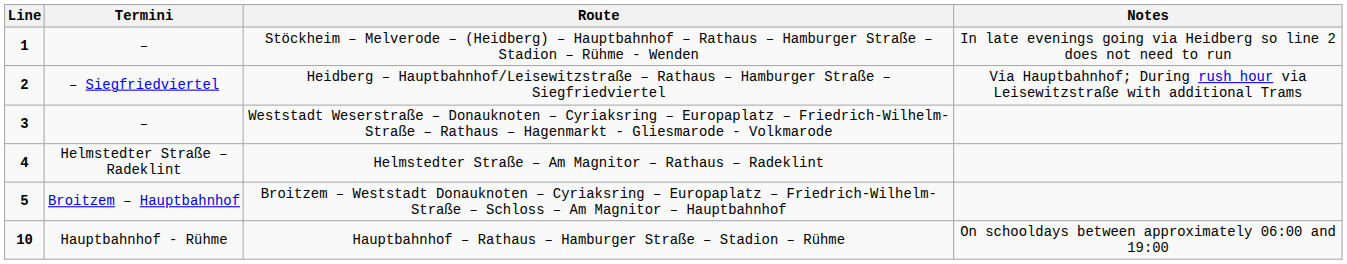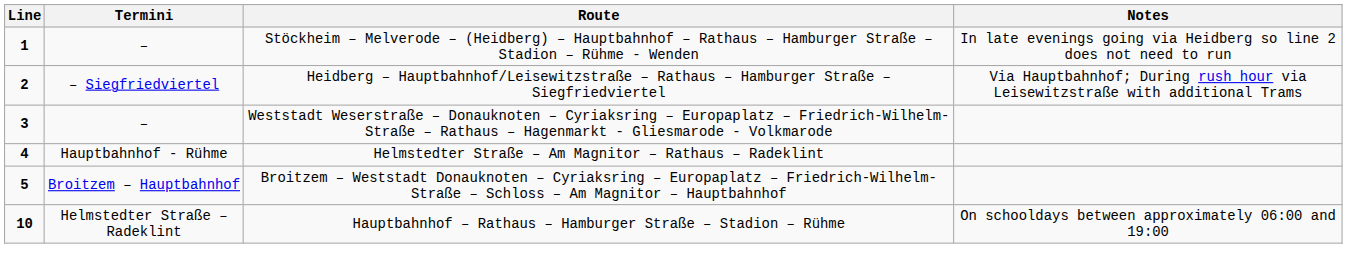 <table class="wikitable">
 <tr>
 <th>Line</th>
 <th>Termini</th>
 <th>Route</th>
 <th>Notes</th>
 </tr>
 <tr align="center">
 <td><span><strong>1</strong></span></td>
 <td> – </td>
 <td>Stöckheim – Melverode – (Heidberg) – Hauptbahnhof – Rathaus – Hamburger Straße – Stadion – Rühme - Wenden</td>
 <td>In late evenings going via Heidberg so line 2 does not need to run</td>
 </tr>
 <tr align="center">
 <td><span><strong>2</strong></span></td>
 <td> – <a href='#'>Siegfriedviertel</a></td>
 <td>Heidberg – Hauptbahnhof/Leisewitzstraße – Rathaus – Hamburger Straße – Siegfriedviertel</td>
 <td>Via Hauptbahnhof; During <a href='#'>rush hour</a> via Leisewitzstraße with additional Trams</td>
 </tr>
 <tr align="center">
 <td><span><strong>3</strong></span></td>
 <td> – </td>
 <td>Weststadt Weserstraße – Donauknoten – Cyriaksring – Europaplatz – Friedrich-Wilhelm-Straße – Rathaus – Hagenmarkt - Gliesmarode - Volkmarode</td>
 <td></td>
 </tr>
 <tr align="center">
 <td><span><strong>4</strong></span></td>
-<td>Helmstedter Straße – Radeklint</td>
+<td>Hauptbahnhof - Rühme</td>
 <td>Helmstedter Straße – Am Magnitor – Rathaus – Radeklint</td>
 <td></td>
 </tr>
 <tr align="center">
 <td><span><strong>5</strong></span></td>
 <td><a href='#'>Broitzem</a> – <a href='#'>Hauptbahnhof</a></td>
 <td>Broitzem – Weststadt Donauknoten – Cyriaksring – Europaplatz – Friedrich-Wilhelm-Straße – Schloss – Am Magnitor – Hauptbahnhof</td>
 <td></td>
 </tr>
 <tr align="center">
 <td><span><strong>10</strong></span></td>
-<td>Hauptbahnhof - Rühme</td>
+<td>Helmstedter Straße – Radeklint</td>
 <td>Hauptbahnhof – Rathaus – Hamburger Straße – Stadion – Rühme</td>
 <td>On schooldays between approximately 06:00 and 19:00</td>
 </tr>
 </table>
